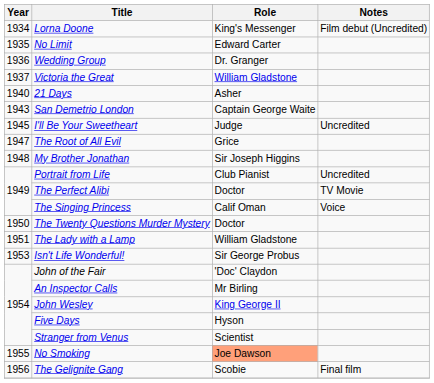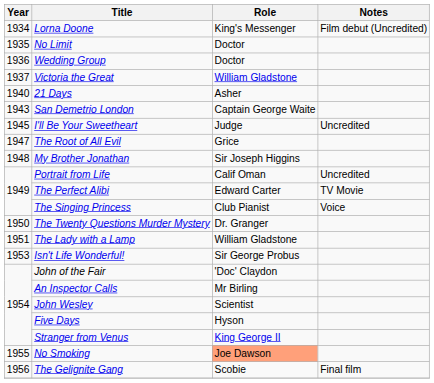 <table class="wikitable">
 <tr>
 <th>Year</th>
 <th>Title</th>
 <th>Role</th>
 <th>Notes</th>
 </tr>
 <tr>
 <td>1934</td>
 <td><em><a href='#'>Lorna Doone</a></em></td>
 <td>King's Messenger</td>
 <td>Film debut (Uncredited)</td>
 </tr>
 <tr>
 <td>1935</td>
 <td><em><a href='#'>No Limit</a></em></td>
-<td>Edward Carter</td>
+<td>Doctor</td>
 <td></td>
 </tr>
 <tr>
 <td>1936</td>
 <td><em><a href='#'>Wedding Group</a></em></td>
-<td>Dr. Granger</td>
+<td>Doctor</td>
 <td></td>
 </tr>
 <tr>
 <td>1937</td>
 <td><em><a href='#'>Victoria the Great</a></em></td>
 <td><a href='#'>William Gladstone</a></td>
 <td></td>
 </tr>
 <tr>
 <td>1940</td>
 <td><em><a href='#'>21 Days</a></em></td>
 <td>Asher</td>
 <td></td>
 </tr>
 <tr>
 <td>1943</td>
 <td><em><a href='#'>San Demetrio London</a></em></td>
 <td>Captain George Waite</td>
 <td></td>
 </tr>
 <tr>
 <td>1945</td>
 <td><em><a href='#'>I'll Be Your Sweetheart</a></em></td>
 <td>Judge</td>
 <td>Uncredited</td>
 </tr>
 <tr>
 <td>1947</td>
 <td><em><a href='#'>The Root of All Evil</a></em></td>
 <td>Grice</td>
 <td></td>
 </tr>
 <tr>
 <td>1948</td>
 <td><em><a href='#'>My Brother Jonathan</a></em></td>
 <td>Sir Joseph Higgins</td>
 <td></td>
 </tr>
 <tr>
 <td rowspan=3>1949</td>
 <td><em><a href='#'>Portrait from Life</a></em></td>
-<td>Club Pianist</td>
+<td>Calif Oman</td>
 <td>Uncredited</td>
 </tr>
 <tr>
 <td><em><a href='#'>The Perfect Alibi</a></em></td>
-<td>Doctor</td>
+<td>Edward Carter</td>
 <td>TV Movie</td>
 </tr>
 <tr>
 <td><em><a href='#'>The Singing Princess</a></em></td>
-<td>Calif Oman</td>
+<td>Club Pianist</td>
 <td>Voice</td>
 </tr>
 <tr>
 <td>1950</td>
 <td><em><a href='#'>The Twenty Questions Murder Mystery</a></em></td>
-<td>Doctor</td>
+<td>Dr. Granger</td>
 <td></td>
 </tr>
 <tr>
 <td>1951</td>
 <td><em><a href='#'>The Lady with a Lamp</a></em></td>
 <td>William Gladstone</td>
 <td></td>
 </tr>
 <tr>
 <td>1953</td>
 <td><em><a href='#'>Isn't Life Wonderful!</a></em></td>
 <td>Sir George Probus</td>
 <td></td>
 </tr>
 <tr>
 <td rowspan=5>1954</td>
 <td><em>John of the Fair</em></td>
 <td>'Doc' Claydon</td>
 <td></td>
 </tr>
 <tr>
 <td><em><a href='#'>An Inspector Calls</a></em></td>
 <td>Mr Birling</td>
 <td></td>
 </tr>
 <tr>
 <td><em><a href='#'>John Wesley</a></em></td>
-<td><a href='#'>King George II</a></td>
+<td>Scientist</td>
 <td></td>
 </tr>
 <tr>
 <td><em><a href='#'>Five Days</a></em></td>
 <td>Hyson</td>
 <td></td>
 </tr>
 <tr>
 <td><em><a href='#'>Stranger from Venus</a></em></td>
-<td>Scientist</td>
+<td><a href='#'>King George II</a></td>
 <td></td>
 </tr>
 <tr>
 <td>1955</td>
 <td><em><a href='#'>No Smoking</a></em></td>
 <td style="background: lightsalmon;">Joe Dawson</td>
 <td></td>
 </tr>
 <tr>
 <td>1956</td>
 <td><em><a href='#'>The Gelignite Gang</a></em></td>
 <td>Scobie</td>
 <td>Final film</td>
 </tr>
 <tr>
 </tr>
 </table>
